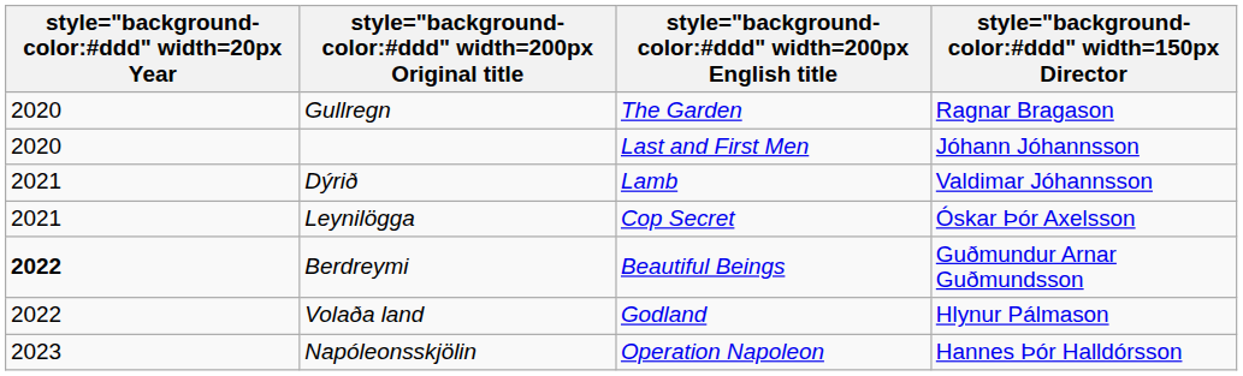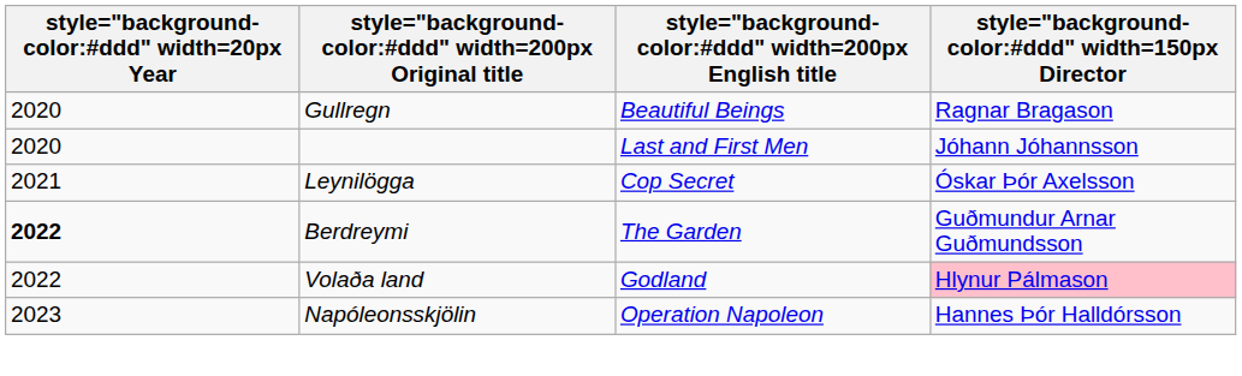 <table class="wikitable sortable">
 <tr>
 <th>style="background-color:#ddd" width=20px  Year</th>
 <th>style="background-color:#ddd" width=200px  Original title</th>
 <th>style="background-color:#ddd" width=200px  English title</th>
 <th>style="background-color:#ddd" width=150px  Director</th>
 </tr>
 <tr>
 <td>2020</td>
 <td><em>Gullregn</em></td>
-<td><em><a href='#'>The Garden</a></em></td>
+<td><em><a href='#'>Beautiful Beings</a></em></td>
 <td><a href='#'>Ragnar Bragason</a></td>
 </tr>
 <tr>
 <td>2020</td>
 <td></td>
 <td><em><a href='#'>Last and First Men</a></em></td>
 <td><a href='#'>Jóhann Jóhannsson</a></td>
 </tr>
 <tr>
 <td>2021</td>
-<td><em>Dýrið</em></td>
-<td><em><a href='#'>Lamb</a></em></td>
-<td><a href='#'>Valdimar Jóhannsson</a></td>
-</tr>
-<tr>
-<td>2021</td>
 <td><em>Leynilögga</em></td>
 <td><em><a href='#'>Cop Secret</a></em></td>
 <td><a href='#'>Óskar Þór Axelsson</a></td>
 </tr>
 <tr>
 <td><strong>2022</strong></td>
 <td><em>Berdreymi</em></td>
-<td><em><a href='#'>Beautiful Beings</a></em></td>
+<td><em><a href='#'>The Garden</a></em></td>
 <td><a href='#'>Guðmundur Arnar Guðmundsson</a></td>
 </tr>
 <tr>
 <td>2022</td>
 <td><em>Volaða land</em></td>
 <td><em><a href='#'>Godland</a></em></td>
-<td><a href='#'>Hlynur Pálmason</a></td>
+<td style="background: pink;"><a href='#'>Hlynur Pálmason</a></td>
 </tr>
 <tr>
 <td>2023</td>
 <td><em>Napóleonsskjölin</em></td>
 <td><em><a href='#'>Operation Napoleon</a></em></td>
 <td><a href='#'>Hannes Þór Halldórsson</a></td>
 </tr>
 </table>
